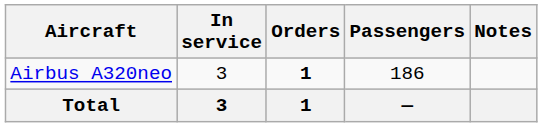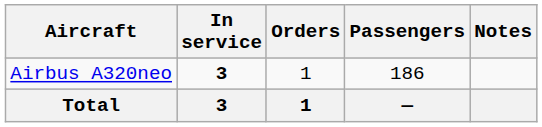 <table class="wikitable" style="margin:0.5em auto; text-align:center">
 <tr>
 <th>Aircraft</th>
 <th>In<br>service</th>
 <th>Orders</th>
 <th>Passengers</th>
 <th>Notes</th>
 </tr>
 <tr>
 <td><a href='#'>Airbus A320neo</a></td>
-<td>3</td>
-<td><strong>1</strong></td>
+<td><strong>3</strong></td>
+<td>1</td>
 <td>186</td>
 <td></td>
 </tr>
 <tr>
 <th>Total</th>
 <th>3</th>
 <th>1</th>
 <th>—</th>
 <th colspan=2></th>
 </tr>
 </table>
